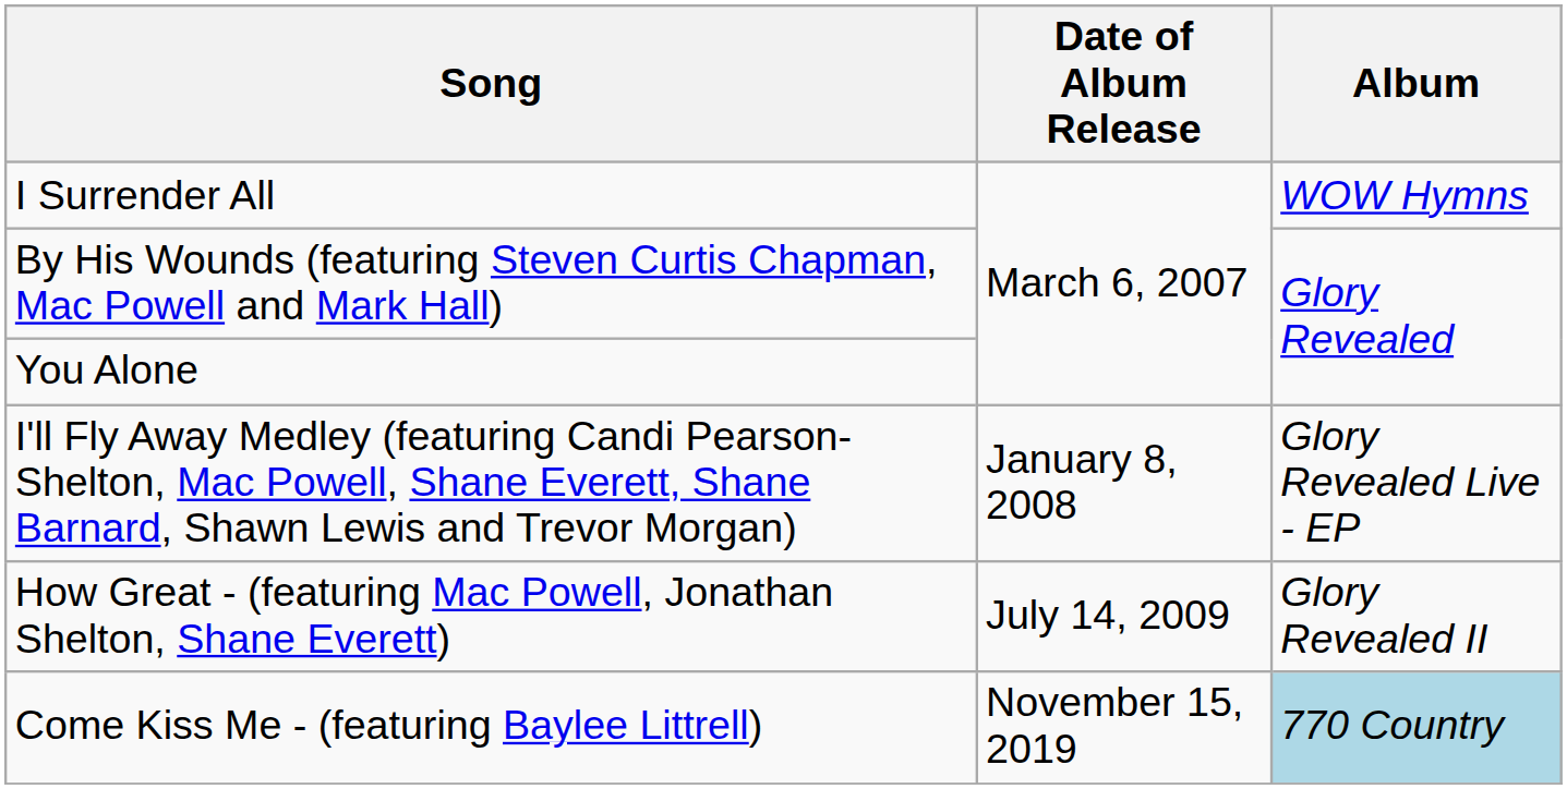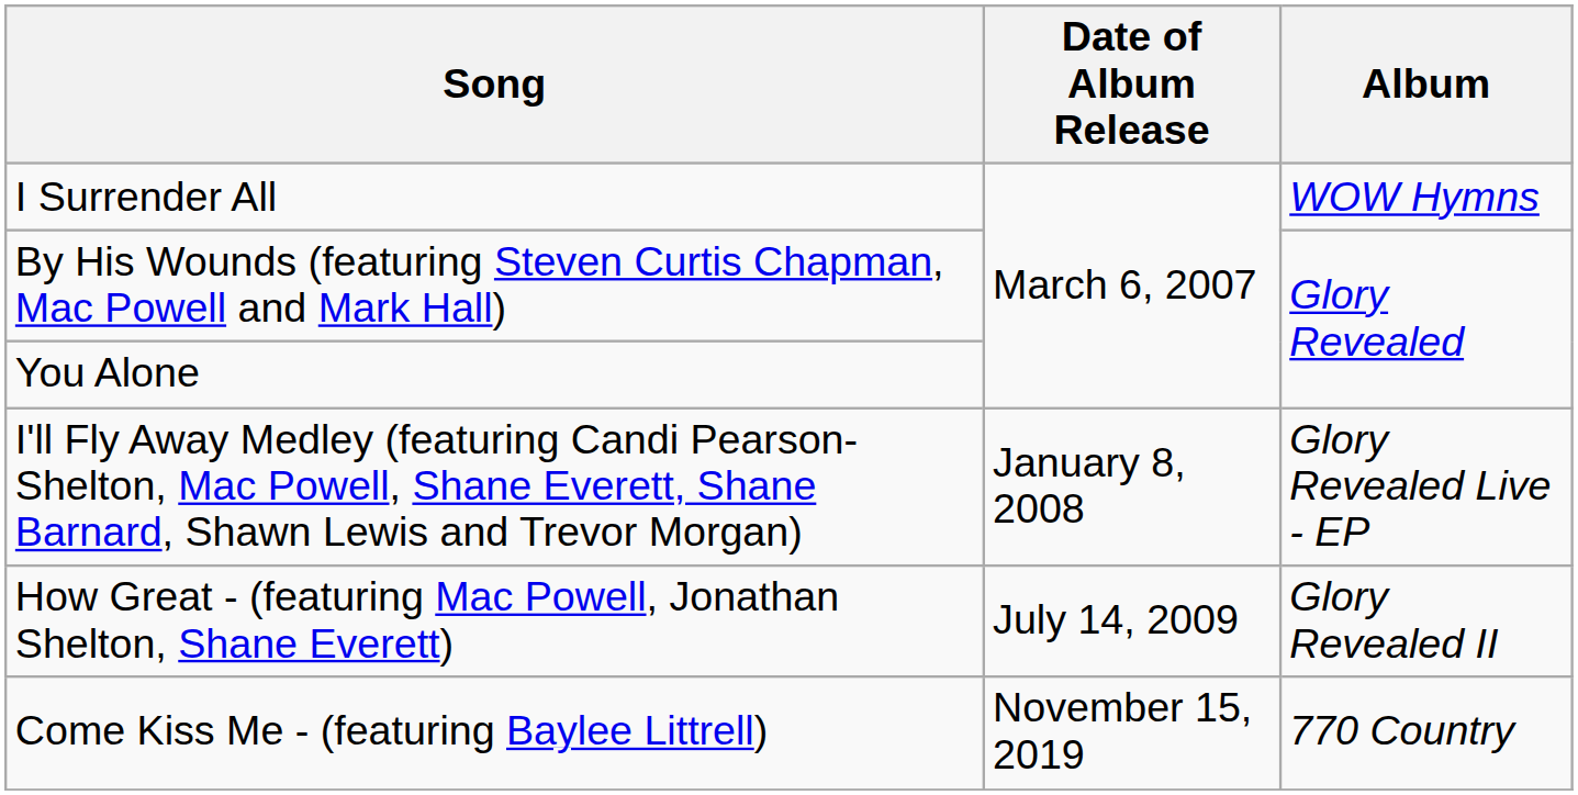 <table class="wikitable">
 <tr>
 <th align="center">Song</th>
 <th align="center">Date of Album Release</th>
 <th align="center">Album</th>
 </tr>
 <tr>
 <td>I Surrender All</td>
 <td rowspan=3>March 6, 2007</td>
 <td><em><a href='#'>WOW Hymns</a></em></td>
 </tr>
 <tr>
 <td>By His Wounds (featuring <a href='#'>Steven Curtis Chapman</a>, <a href='#'>Mac Powell</a> and <a href='#'>Mark Hall</a>)</td>
 <td rowspan=2><em><a href='#'>Glory Revealed</a></em></td>
 </tr>
 <tr>
 <td>You Alone</td>
 </tr>
 <tr>
 <td>I'll Fly Away Medley (featuring Candi Pearson-Shelton, <a href='#'>Mac Powell</a>, <a href='#'>Shane Everett, Shane Barnard</a>, Shawn Lewis and Trevor Morgan)</td>
 <td>January 8, 2008</td>
 <td><em>Glory Revealed Live - EP</em></td>
 </tr>
 <tr>
 <td>How Great - (featuring <a href='#'>Mac Powell</a>, Jonathan Shelton, <a href='#'>Shane Everett</a>)</td>
 <td>July 14, 2009</td>
 <td><em>Glory Revealed II</em></td>
 </tr>
 <tr>
 <td>Come Kiss Me - (featuring <a href='#'>Baylee Littrell</a>)</td>
 <td>November 15, 2019</td>
-<td style="background: lightblue;"><em>770 Country</em></td>
+<td><em>770 Country</em></td>
 </tr>
 <tr>
 </tr>
 </table>
